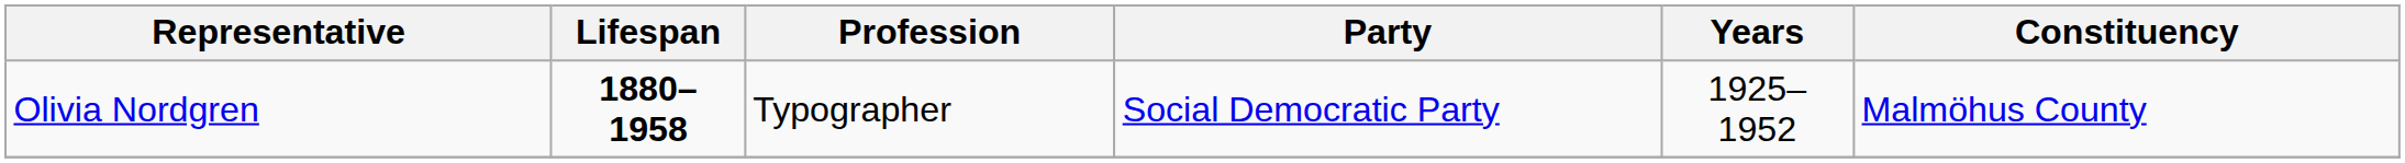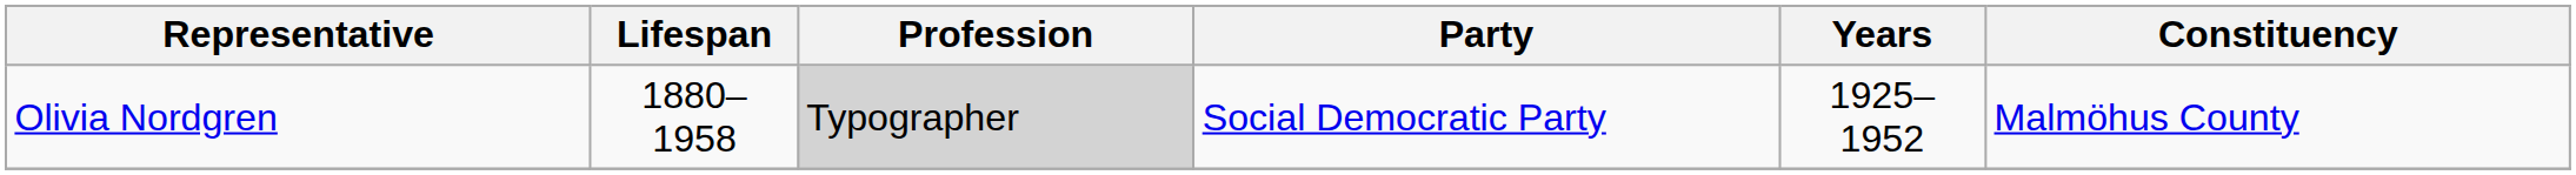 <table class="wikitable">
 <tr>
 <th style="width:15em">Representative</th>
 <th style="width:5em">Lifespan</th>
 <th style="width:10em">Profession</th>
 <th style="width:15em">Party</th>
 <th style="width:5em">Years</th>
 <th style="width:15em">Constituency</th>
 </tr>
 <tr>
 <td><a href='#'>Olivia Nordgren</a></td>
-<td align=center><strong>1880–1958</strong></td>
-<td>Typographer</td>
+<td align=center>1880–1958</td>
+<td style="background: lightgrey;">Typographer</td>
 <td> <a href='#'>Social Democratic Party</a></td>
 <td align=center>1925–1952</td>
 <td><a href='#'>Malmöhus County</a></td>
 </tr>
 <tr>
 </tr>
 </table>
